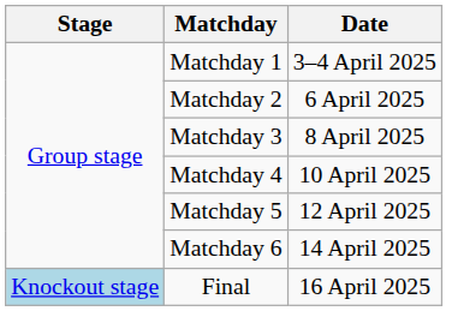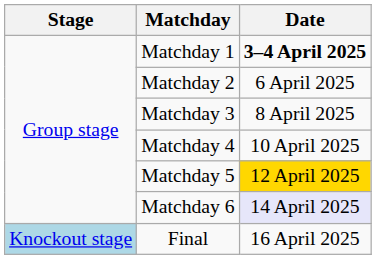 <table class="wikitable" style="text-align:center">
 <tr>
 <th>Stage</th>
 <th>Matchday</th>
 <th>Date</th>
 </tr>
 <tr>
 <td rowspan="6"><a href='#'>Group stage</a></td>
 <td>Matchday 1</td>
-<td>3–4 April 2025</td>
+<td><strong>3–4 April 2025</strong></td>
 </tr>
 <tr>
 <td>Matchday 2</td>
 <td>6 April 2025</td>
 </tr>
 <tr>
 <td>Matchday 3</td>
 <td>8 April 2025</td>
 </tr>
 <tr>
 <td>Matchday 4</td>
 <td>10 April 2025</td>
 </tr>
 <tr>
 <td>Matchday 5</td>
-<td>12 April 2025</td>
+<td style="background: gold;">12 April 2025</td>
 </tr>
 <tr>
 <td>Matchday 6</td>
-<td>14 April 2025</td>
+<td style="background: lavender;">14 April 2025</td>
 </tr>
 <tr>
 <td rowspan="1" style="background: lightblue;"><a href='#'>Knockout stage</a></td>
 <td>Final</td>
 <td>16 April 2025</td>
 </tr>
 </table>
